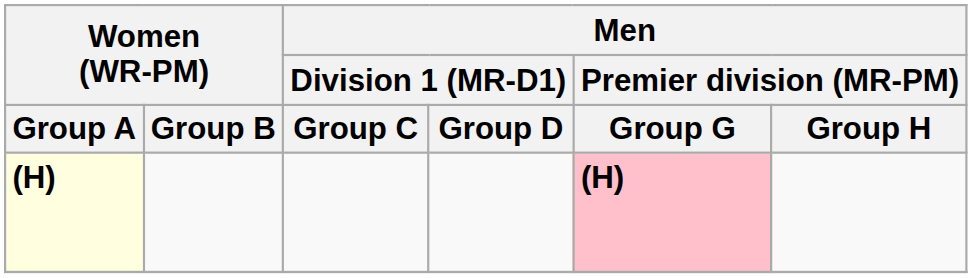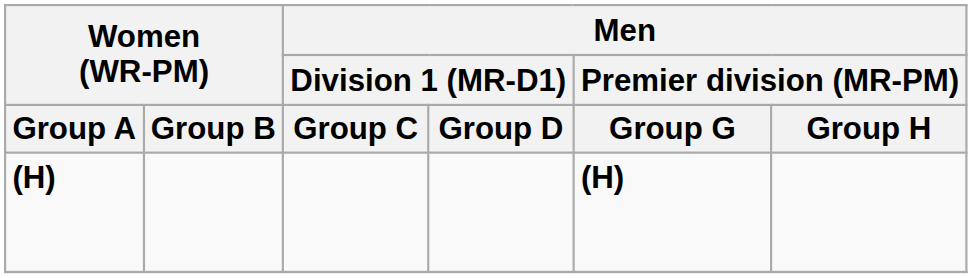 <table class="wikitable" style="font-size: 90%;">
 <tr>
 <th colspan=2 rowspan=2>Women<br>(WR-PM)</th>
 <th colspan=4>Men</th>
 </tr>
 <tr>
 <th colspan=2>Division 1 (MR-D1)</th>
 <th colspan=2>Premier division (MR-PM)</th>
 </tr>
 <tr>
 <th>Group A</th>
 <th>Group B</th>
 <th>Group C</th>
 <th>Group D</th>
 <th>Group G</th>
 <th>Group H</th>
 </tr>
 <tr style="vertical-align: top;">
-<td style="background: lightyellow;"> <strong>(H)</strong><br><br><br></td>
+<td> <strong>(H)</strong><br><br><br></td>
 <td><br><br></td>
 <td><br><br></td>
 <td><br><br></td>
-<td style="background: pink;"> <strong>(H)</strong><br><br></td>
+<td> <strong>(H)</strong><br><br></td>
 <td><br><br></td>
 </tr>
 <tr>
 </tr>
 </table>
